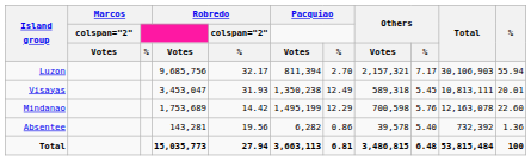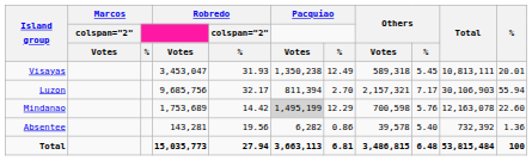 <table class="wikitable " style="text-align:right; font-size:92%; line-height:20px;">
 <tr>
 <th width="80" rowspan="3"><a href='#'>Island group</a></th>
 <th width="110" colspan="2"><a href='#'>Marcos</a></th>
 <th width="110" colspan="2"><a href='#'>Robredo</a></th>
 <th width="110" colspan="2"><a href='#'>Pacquiao</a></th>
 <th width="110" rowspan="2" colspan="2">Others</th>
 <th rowspan="3">Total</th>
 <th rowspan="3">%</th>
 </tr>
 <tr>
 <th>colspan="2" </th>
 <th colspan="2" ! style="background:#FE18A3;"></th>
 <th>colspan="2" </th>
 </tr>
 <tr>
 <th>Votes</th>
 <th>%</th>
 <th>Votes</th>
 <th>%</th>
 <th>Votes</th>
 <th>%</th>
 <th>Votes</th>
 <th>%</th>
 </tr>
 <tr>
+<td><a href='#'>Visayas</a></td>
+<td></td>
+<td></td>
+<td>3,453,047</td>
+<td>31.93</td>
+<td>1,350,238</td>
+<td>12.49</td>
+<td>589,318</td>
+<td>5.45</td>
+<td>10,813,111</td>
+<td>20.01</td>
+</tr>
+<tr>
 <td><a href='#'>Luzon</a></td>
 <td></td>
 <td></td>
 <td>9,685,756</td>
 <td>32.17</td>
 <td>811,394</td>
 <td>2.70</td>
 <td>2,157,321</td>
 <td>7.17</td>
 <td>30,106,903</td>
 <td>55.94</td>
 </tr>
 <tr>
-<td><a href='#'>Visayas</a></td>
-<td></td>
-<td></td>
-<td>3,453,047</td>
-<td>31.93</td>
-<td>1,350,238</td>
-<td>12.49</td>
-<td>589,318</td>
-<td>5.45</td>
-<td>10,813,111</td>
-<td>20.01</td>
-</tr>
-<tr>
 <td><a href='#'>Mindanao</a></td>
 <td></td>
 <td></td>
 <td>1,753,689</td>
 <td>14.42</td>
-<td>1,495,199</td>
+<td style="background: lightgrey;">1,495,199</td>
 <td>12.29</td>
 <td>700,598</td>
 <td>5.76</td>
 <td>12,163,078</td>
 <td>22.60</td>
 </tr>
 <tr>
 <td><a href='#'>Absentee</a></td>
 <td></td>
 <td></td>
 <td>143,281</td>
 <td>19.56</td>
 <td>6,282</td>
 <td>0.86</td>
 <td>39,578</td>
 <td>5.40</td>
 <td>732,392</td>
 <td>1.36</td>
 </tr>
 <tr>
 <td><strong>Total</strong></td>
 <td></td>
 <td></td>
 <td><strong>15,035,773</strong></td>
 <td><strong>27.94</strong></td>
 <td><strong>3,663,113</strong></td>
 <td><strong>6.81</strong></td>
 <td><strong>3,486,815</strong></td>
 <td><strong>6.48</strong></td>
 <td><strong>53,815,484</strong></td>
 <td><strong>100</strong></td>
 </tr>
 </table>
